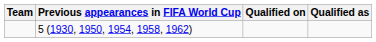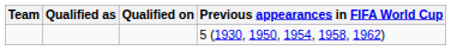 <table class="wikitable sortable">
 <tr>
 <th>Team</th>
+<th>Qualified as</th>
+<th>Qualified on</th>
 <th data-sort-type="number">Previous <a href='#'>appearances</a> in <a href='#'>FIFA World Cup</a></th>
-<th>Qualified on</th>
-<th>Qualified as</th>
 </tr>
 <tr>
 <td></td>
-<td>5 (<a href='#'>1930</a>, <a href='#'>1950</a>, <a href='#'>1954</a>, <a href='#'>1958</a>, <a href='#'>1962</a>)</td>
 <td></td>
 <td></td>
+<td>5 (<a href='#'>1930</a>, <a href='#'>1950</a>, <a href='#'>1954</a>, <a href='#'>1958</a>, <a href='#'>1962</a>)</td>
 </tr>
 </table>
